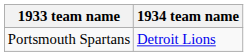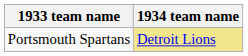 <table class="wikitable">
 <tr>
 <th>1933 team name</th>
 <th>1934 team name</th>
 </tr>
 <tr>
 <td>Portsmouth Spartans</td>
-<td><a href='#'>Detroit Lions</a></td>
+<td style="background: khaki;"><a href='#'>Detroit Lions</a></td>
 </tr>
 </table>
